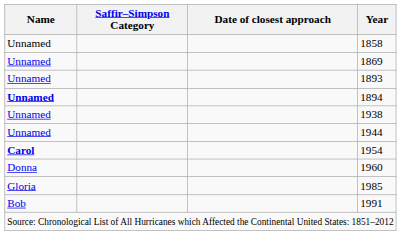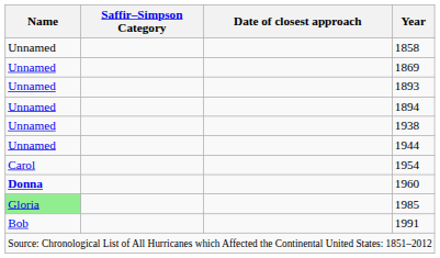 <table class = "wikitable" style="margin:1em auto;">
 <tr>
 <th>Name</th>
 <th><a href='#'>Saffir–Simpson</a><br>Category</th>
 <th>Date of closest approach</th>
 <th>Year</th>
 </tr>
 <tr>
 <td>Unnamed</td>
 <td></td>
 <td></td>
 <td>1858</td>
 </tr>
 <tr>
 <td><a href='#'>Unnamed</a></td>
 <td></td>
 <td></td>
 <td>1869</td>
 </tr>
 <tr>
 <td><a href='#'>Unnamed</a></td>
 <td></td>
 <td></td>
 <td>1893</td>
 </tr>
 <tr>
-<td><strong><a href='#'>Unnamed</a></strong></td>
+<td><a href='#'>Unnamed</a></td>
 <td></td>
 <td></td>
 <td>1894</td>
 </tr>
 <tr>
 <td><a href='#'>Unnamed</a></td>
 <td></td>
 <td></td>
 <td>1938</td>
 </tr>
 <tr>
 <td><a href='#'>Unnamed</a></td>
 <td></td>
 <td></td>
 <td>1944</td>
 </tr>
 <tr>
-<td><strong><a href='#'>Carol</a></strong></td>
+<td><a href='#'>Carol</a></td>
 <td></td>
 <td></td>
 <td>1954</td>
 </tr>
 <tr>
-<td><a href='#'>Donna</a></td>
+<td><strong><a href='#'>Donna</a></strong></td>
 <td></td>
 <td></td>
 <td>1960</td>
 </tr>
 <tr>
-<td><a href='#'>Gloria</a></td>
+<td style="background: lightgreen;"><a href='#'>Gloria</a></td>
 <td></td>
 <td></td>
 <td>1985</td>
 </tr>
 <tr>
 <td><a href='#'>Bob</a></td>
 <td></td>
 <td></td>
 <td>1991</td>
 </tr>
 <tr>
 <td colspan="9"><small>Source: Chronological List of All Hurricanes which Affected the Continental United States: 1851–2012</small></td>
 </tr>
 </table>
